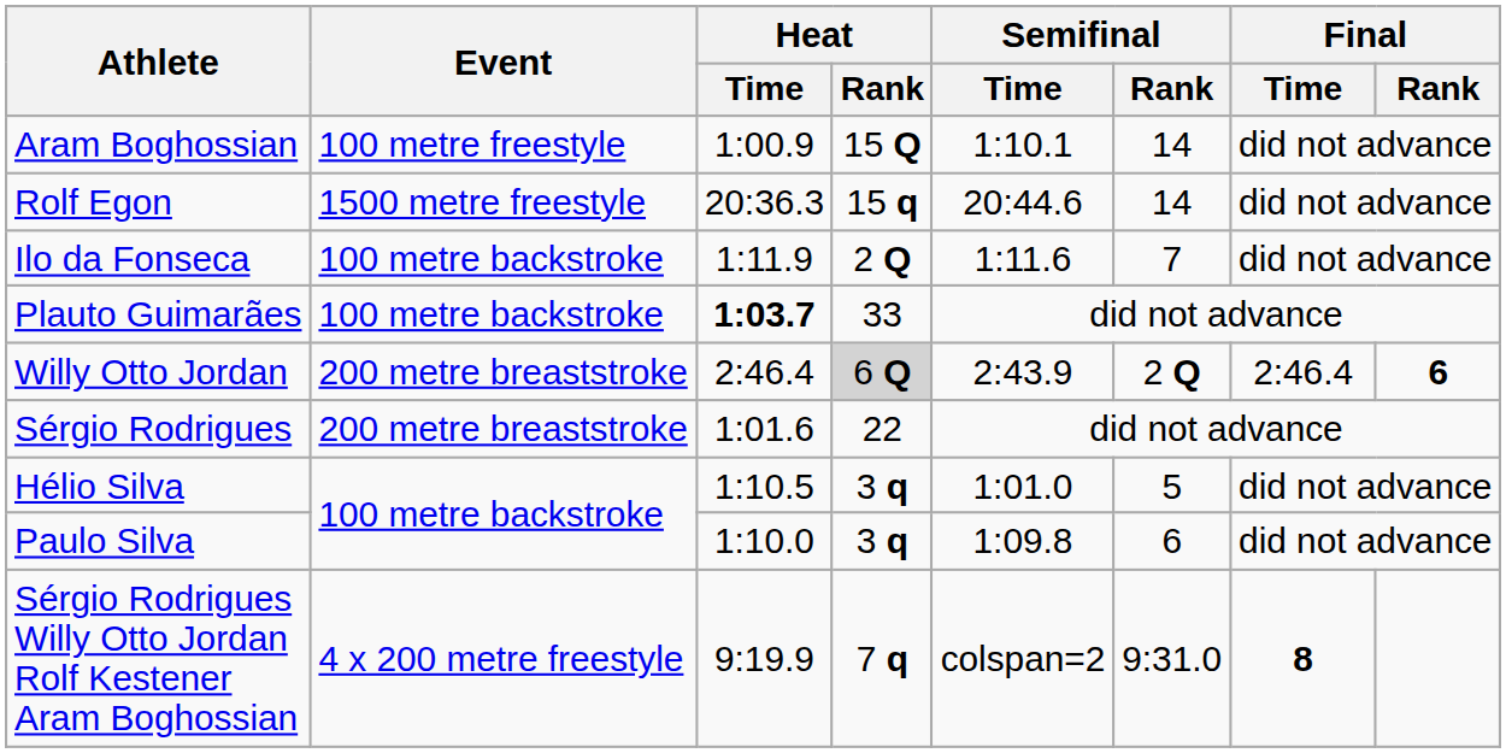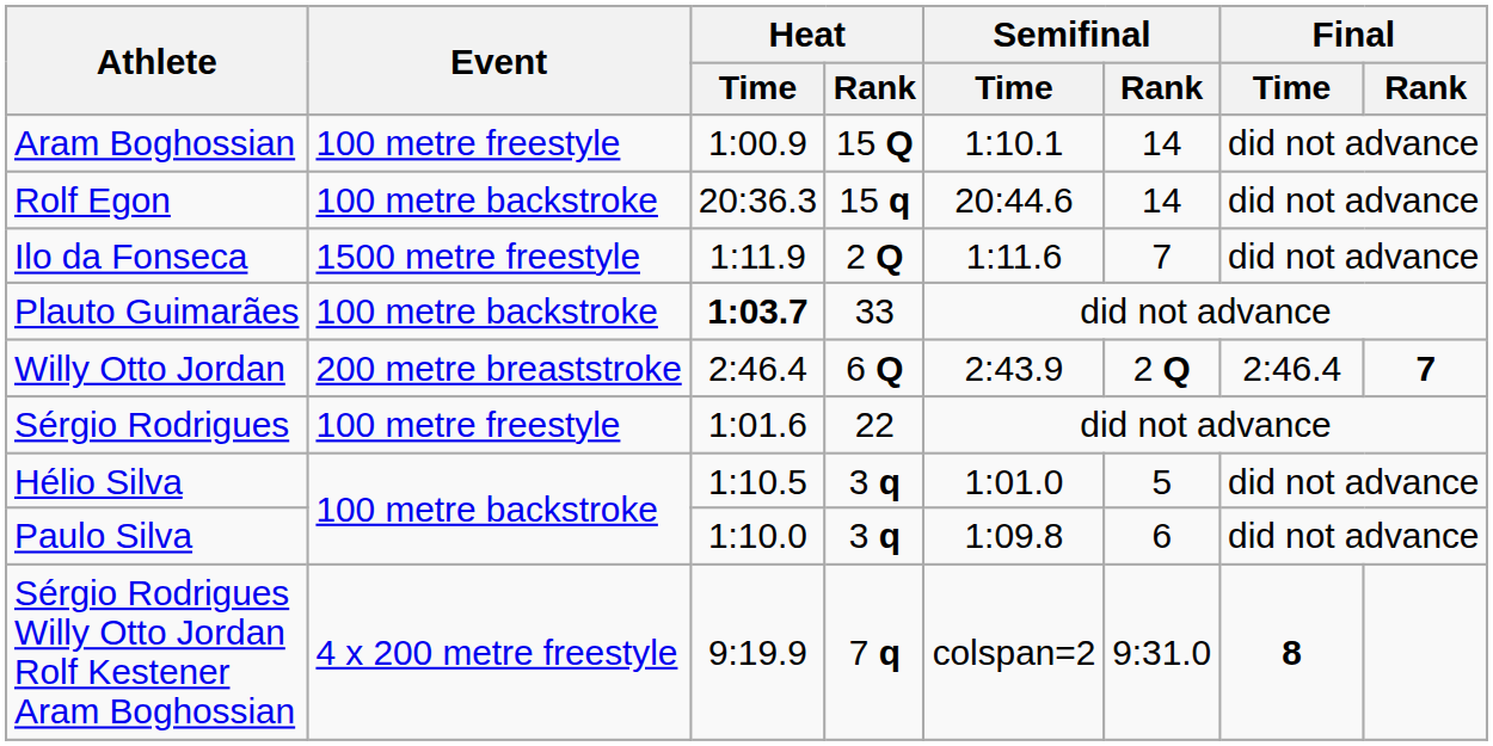 <table class=wikitable style="font-size:90%">
 <tr>
 <th rowspan="2">Athlete</th>
 <th rowspan="2">Event</th>
 <th colspan="2">Heat</th>
 <th colspan="2">Semifinal</th>
 <th colspan="2">Final</th>
 </tr>
 <tr style="font-size:95%">
 <th>Time</th>
 <th>Rank</th>
 <th>Time</th>
 <th>Rank</th>
 <th>Time</th>
 <th>Rank</th>
 </tr>
 <tr align=center>
 <td align=left rowspan=1><a href='#'>Aram Boghossian</a></td>
 <td align=left><a href='#'>100 metre freestyle</a></td>
 <td>1:00.9</td>
 <td>15 <strong>Q</strong></td>
 <td>1:10.1</td>
 <td>14</td>
 <td colspan=2>did not advance</td>
 </tr>
 <tr align=center>
 <td align=left rowspan=1><a href='#'>Rolf Egon</a></td>
-<td align=left><a href='#'>1500 metre freestyle</a></td>
+<td align=left><a href='#'>100 metre backstroke</a></td>
 <td>20:36.3</td>
 <td>15 <strong>q</strong></td>
 <td>20:44.6</td>
 <td>14</td>
 <td colspan=2>did not advance</td>
 </tr>
 <tr align=center>
 <td align=left rowspan=1><a href='#'>Ilo da Fonseca</a></td>
-<td align=left><a href='#'>100 metre backstroke</a></td>
+<td align=left><a href='#'>1500 metre freestyle</a></td>
 <td>1:11.9</td>
 <td>2 <strong>Q</strong></td>
 <td>1:11.6</td>
 <td>7</td>
 <td colspan=2>did not advance</td>
 </tr>
 <tr align=center>
 <td align=left rowspan=1><a href='#'>Plauto Guimarães</a></td>
 <td align=left><a href='#'>100 metre backstroke</a></td>
 <td><strong>1:03.7</strong></td>
 <td>33</td>
 <td colspan=4>did not advance</td>
 </tr>
 <tr align=center>
 <td align=left rowspan=1><a href='#'>Willy Otto Jordan</a></td>
 <td align=left><a href='#'>200 metre breaststroke</a></td>
 <td>2:46.4</td>
-<td style="background: lightgrey;">6 <strong>Q</strong></td>
+<td>6 <strong>Q</strong></td>
 <td>2:43.9</td>
 <td>2 <strong>Q</strong></td>
 <td>2:46.4</td>
-<td><strong>6</strong></td>
+<td><strong>7</strong></td>
 </tr>
 <tr align=center>
 <td align=left rowspan=1><a href='#'>Sérgio Rodrigues</a></td>
-<td align=left><a href='#'>200 metre breaststroke</a></td>
+<td align=left><a href='#'>100 metre freestyle</a></td>
 <td>1:01.6</td>
 <td>22</td>
 <td colspan=4>did not advance</td>
 </tr>
 <tr align=center>
 <td align=left rowspan=1><a href='#'>Hélio Silva</a></td>
 <td align=left rowspan=2><a href='#'>100 metre backstroke</a></td>
 <td>1:10.5</td>
 <td>3 <strong>q</strong></td>
 <td>1:01.0</td>
 <td>5</td>
 <td colspan=2>did not advance</td>
 </tr>
 <tr align=center>
 <td align=left rowspan=1><a href='#'>Paulo Silva</a></td>
 <td>1:10.0</td>
 <td>3 <strong>q</strong></td>
 <td>1:09.8</td>
 <td>6</td>
 <td colspan=2>did not advance</td>
 </tr>
 <tr align=center>
 <td align=left rowspan=1><a href='#'>Sérgio Rodrigues</a><br><a href='#'>Willy Otto Jordan</a><br><a href='#'>Rolf Kestener</a><br><a href='#'>Aram Boghossian</a></td>
 <td align=left><a href='#'>4 x 200 metre freestyle</a></td>
 <td>9:19.9</td>
 <td>7 <strong>q</strong></td>
 <td>colspan=2 </td>
 <td>9:31.0</td>
 <td><strong>8</strong></td>
 </tr>
 </table>
